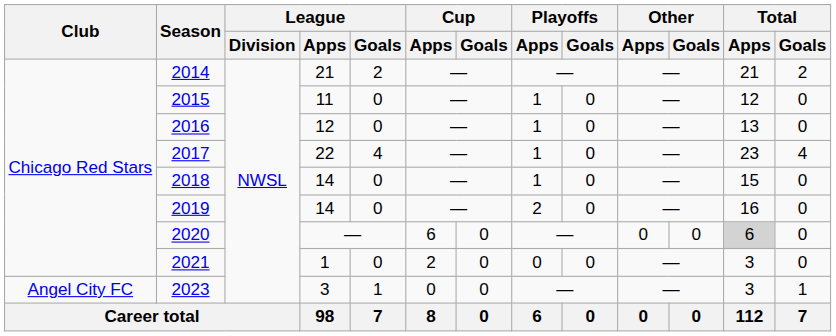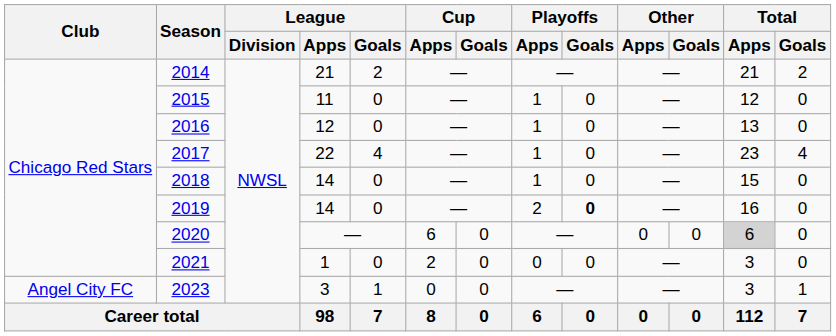 <table class="wikitable" style="text-align: center;">
 <tr>
 <th rowspan="2">Club</th>
 <th rowspan="2">Season</th>
 <th colspan="3">League</th>
 <th colspan="2">Cup</th>
 <th colspan="2">Playoffs</th>
 <th colspan="2">Other</th>
 <th colspan="2">Total</th>
 </tr>
 <tr>
 <th>Division</th>
 <th>Apps</th>
 <th>Goals</th>
 <th>Apps</th>
 <th>Goals</th>
 <th>Apps</th>
 <th>Goals</th>
 <th>Apps</th>
 <th>Goals</th>
 <th>Apps</th>
 <th>Goals</th>
 </tr>
 <tr>
 <td rowspan="8"><a href='#'>Chicago Red Stars</a></td>
 <td><a href='#'>2014</a></td>
 <td rowspan="9"><a href='#'>NWSL</a></td>
 <td>21</td>
 <td>2</td>
 <td colspan="2">—</td>
 <td colspan="2">—</td>
 <td colspan="2">—</td>
 <td>21</td>
 <td>2</td>
 </tr>
 <tr>
 <td><a href='#'>2015</a></td>
 <td>11</td>
 <td>0</td>
 <td colspan="2">—</td>
 <td>1</td>
 <td>0</td>
 <td colspan="2">—</td>
 <td>12</td>
 <td>0</td>
 </tr>
 <tr>
 <td><a href='#'>2016</a></td>
 <td>12</td>
 <td>0</td>
 <td colspan="2">—</td>
 <td>1</td>
 <td>0</td>
 <td colspan="2">—</td>
 <td>13</td>
 <td>0</td>
 </tr>
 <tr>
 <td><a href='#'>2017</a></td>
 <td>22</td>
 <td>4</td>
 <td colspan="2">—</td>
 <td>1</td>
 <td>0</td>
 <td colspan="2">—</td>
 <td>23</td>
 <td>4</td>
 </tr>
 <tr>
 <td><a href='#'>2018</a></td>
 <td>14</td>
 <td>0</td>
 <td colspan="2">—</td>
 <td>1</td>
 <td>0</td>
 <td colspan="2">—</td>
 <td>15</td>
 <td>0</td>
 </tr>
 <tr>
 <td><a href='#'>2019</a></td>
 <td>14</td>
 <td>0</td>
 <td colspan="2">—</td>
 <td>2</td>
-<td>0</td>
+<td><strong>0</strong></td>
 <td colspan="2">—</td>
 <td>16</td>
 <td>0</td>
 </tr>
 <tr>
 <td><a href='#'>2020</a></td>
 <td colspan="2">—</td>
 <td>6</td>
 <td>0</td>
 <td colspan="2">—</td>
 <td>0</td>
 <td>0</td>
 <td style="background: lightgrey;">6</td>
 <td>0</td>
 </tr>
 <tr>
 <td><a href='#'>2021</a></td>
 <td>1</td>
 <td>0</td>
 <td>2</td>
 <td>0</td>
 <td>0</td>
 <td>0</td>
 <td colspan="2">—</td>
 <td>3</td>
 <td>0</td>
 </tr>
 <tr>
 <td><a href='#'>Angel City FC</a></td>
 <td><a href='#'>2023</a></td>
 <td>3</td>
 <td>1</td>
 <td>0</td>
 <td>0</td>
 <td colspan="2">—</td>
 <td colspan="2">—</td>
 <td>3</td>
 <td>1</td>
 </tr>
 <tr>
 <th colspan="3">Career total</th>
 <th>98</th>
 <th>7</th>
 <th>8</th>
 <th>0</th>
 <th>6</th>
 <th>0</th>
 <th>0</th>
 <th>0</th>
 <th>112</th>
 <th>7</th>
 </tr>
 </table>
